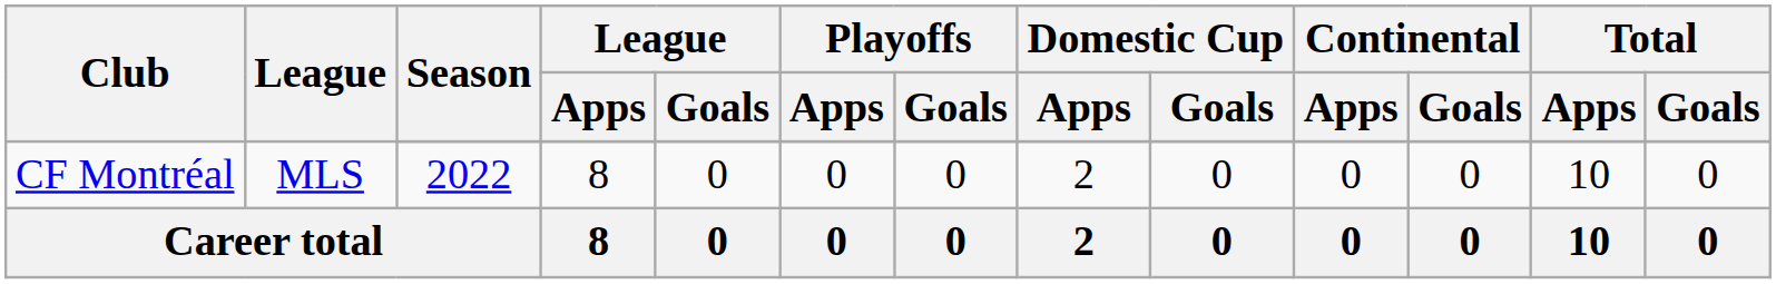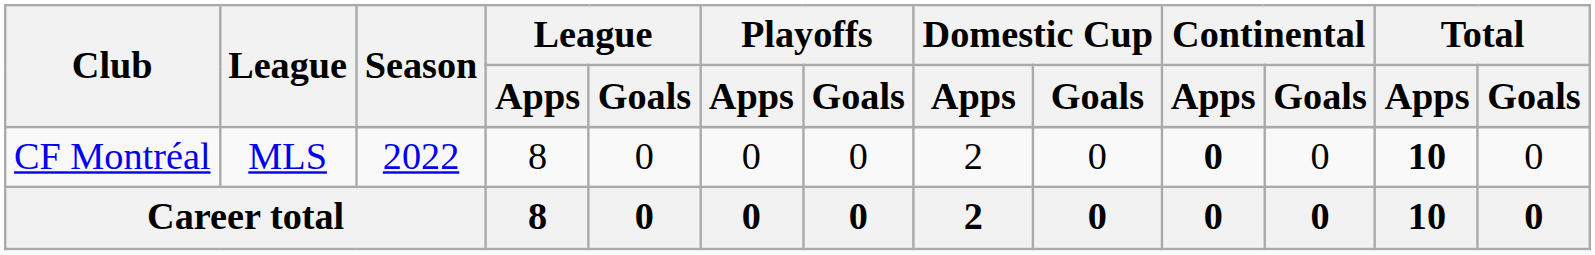 <table class="wikitable" style="text-align:center">
 <tr>
 <th rowspan="2">Club</th>
 <th rowspan="2">League</th>
 <th rowspan="2">Season</th>
 <th colspan="2">League</th>
 <th colspan="2">Playoffs</th>
 <th colspan="2">Domestic Cup</th>
 <th colspan="2">Continental</th>
 <th colspan="2">Total</th>
 </tr>
 <tr>
 <th>Apps</th>
 <th>Goals</th>
 <th>Apps</th>
 <th>Goals</th>
 <th>Apps</th>
 <th>Goals</th>
 <th>Apps</th>
 <th>Goals</th>
 <th>Apps</th>
 <th>Goals</th>
 </tr>
 <tr>
 <td rowspan="2"><a href='#'>CF Montréal</a></td>
 <td rowspan="2"><a href='#'>MLS</a></td>
 </tr>
 <tr>
 <td><a href='#'>2022</a></td>
 <td>8</td>
 <td>0</td>
 <td>0</td>
 <td>0</td>
 <td>2</td>
 <td>0</td>
+<td><strong>0</strong></td>
 <td>0</td>
-<td>0</td>
-<td>10</td>
+<td><strong>10</strong></td>
 <td>0</td>
 </tr>
 <tr>
 <th colspan="3">Career total</th>
 <th>8</th>
 <th>0</th>
 <th>0</th>
 <th>0</th>
 <th>2</th>
 <th>0</th>
 <th>0</th>
 <th>0</th>
 <th>10</th>
 <th>0</th>
 </tr>
 </table>
